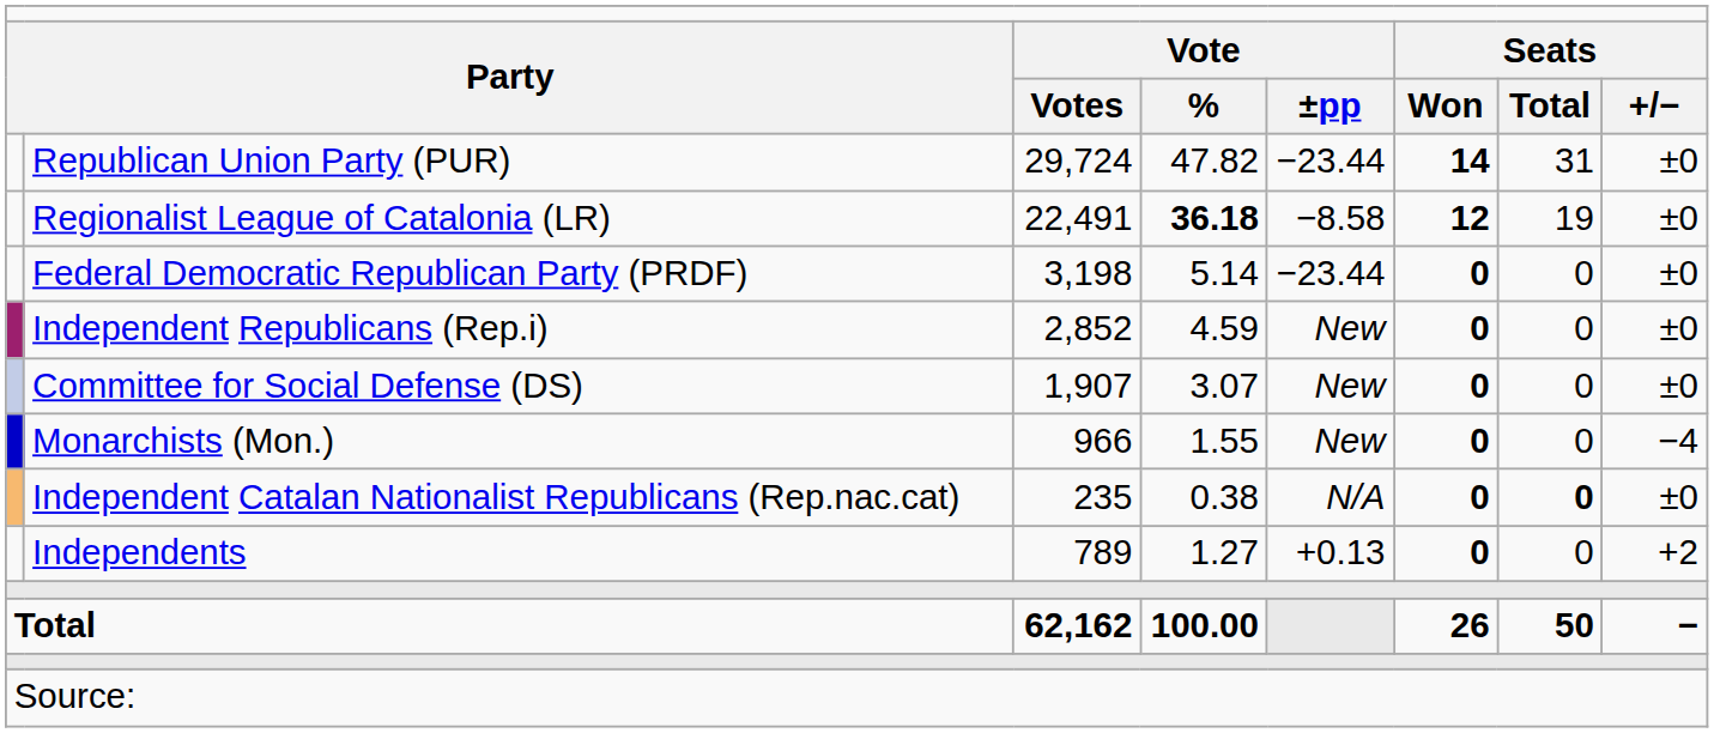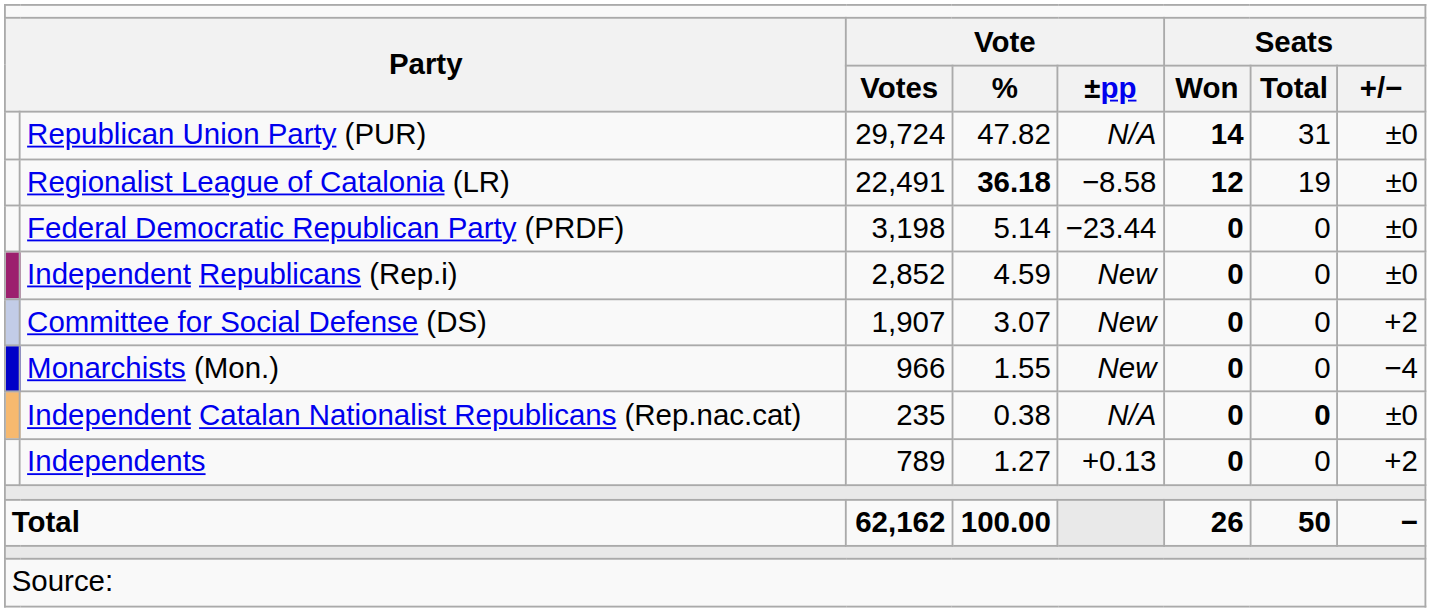 <table class='wikitable' style='text-align:right; font-size:100%;'>
 <tr>
 <td colspan='8'></td>
 </tr>
 <tr bgcolor='#E9E9E9' align='center'>
 <th align='left' rowspan='2' colspan='2' width='450'>Party</th>
 <th colspan='3'>Vote</th>
 <th colspan='3'>Seats</th>
 </tr>
 <tr bgcolor='#E9E9E9' align='center'>
 <th width='50'>Votes</th>
 <th width='50'>%</th>
 <th width='50'>±<a href='#'>pp</a></th>
 <th width='40'>Won</th>
 <th width='40'>Total</th>
 <th width='40'>+/−</th>
 </tr>
 <tr>
 <td></td>
 <td align='left'><a href='#'>Republican Union Party</a> (PUR)</td>
 <td>29,724</td>
 <td>47.82</td>
-<td>−23.44</td>
+<td><em>N/A</em></td>
 <td><strong>14</strong></td>
 <td>31</td>
 <td>±0</td>
 </tr>
 <tr>
 <td></td>
 <td align='left'><a href='#'>Regionalist League of Catalonia</a> (LR)</td>
 <td>22,491</td>
 <td><strong>36.18</strong></td>
 <td>−8.58</td>
 <td><strong>12</strong></td>
 <td>19</td>
 <td>±0</td>
 </tr>
 <tr>
 <td></td>
 <td align='left'><a href='#'>Federal Democratic Republican Party</a> (PRDF)</td>
 <td>3,198</td>
 <td>5.14</td>
 <td>−23.44</td>
 <td><strong>0</strong></td>
 <td>0</td>
 <td>±0</td>
 </tr>
 <tr>
 <td bgcolor='#9C1F6E'></td>
 <td align='left'><a href='#'>Independent</a> <a href='#'>Republicans</a> (Rep.i)</td>
 <td>2,852</td>
 <td>4.59</td>
 <td><em>New</em></td>
 <td><strong>0</strong></td>
 <td>0</td>
 <td>±0</td>
 </tr>
 <tr>
 <td bgcolor='#C2CCE7'></td>
 <td align='left'><a href='#'>Committee for Social Defense</a> (DS)</td>
 <td>1,907</td>
 <td>3.07</td>
 <td><em>New</em></td>
 <td><strong>0</strong></td>
 <td>0</td>
-<td>±0</td>
+<td>+2</td>
 </tr>
 <tr>
 <td bgcolor='#0000C8'></td>
 <td align='left'><a href='#'>Monarchists</a> (Mon.)</td>
 <td>966</td>
 <td>1.55</td>
 <td><em>New</em></td>
 <td><strong>0</strong></td>
 <td>0</td>
 <td>−4</td>
 </tr>
 <tr>
 <td bgcolor='#F7B96F'></td>
 <td align='left'><a href='#'>Independent</a> <a href='#'>Catalan Nationalist Republicans</a> (Rep.nac.cat)</td>
 <td>235</td>
 <td>0.38</td>
 <td><em>N/A</em></td>
 <td><strong>0</strong></td>
 <td><strong>0</strong></td>
 <td>±0</td>
 </tr>
 <tr>
 <td width='1'></td>
 <td align='left'><a href='#'>Independents</a></td>
 <td>789</td>
 <td>1.27</td>
 <td>+0.13</td>
 <td><strong>0</strong></td>
 <td>0</td>
 <td>+2</td>
 </tr>
 <tr>
 <td colspan='8' bgcolor='#E9E9E9'></td>
 </tr>
 <tr style='font-weight:bold;'>
 <td align='left' colspan='2'>Total</td>
 <td>62,162</td>
 <td>100.00</td>
 <td bgcolor='#E9E9E9'></td>
 <td>26</td>
 <td>50</td>
 <td>−</td>
 </tr>
 <tr>
 <td colspan='8' bgcolor='#E9E9E9'></td>
 </tr>
 <tr>
 <td align='left' colspan='8'>Source:</td>
 </tr>
 </table>
